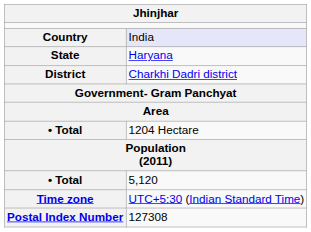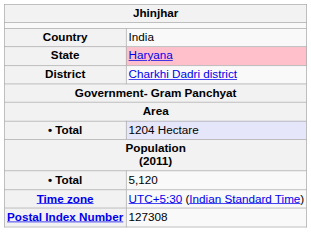 <table class="wikitable">
 <tr>
 <th colspan="2">Jhinjhar</th>
 </tr>
 <tr>
 <td colspan="2"></td>
 </tr>
 <tr>
 <th>Country</th>
-<td style="background: lavender;">India</td>
+<td>India</td>
 </tr>
 <tr>
 <th>State</th>
-<td><a href='#'>Haryana</a></td>
+<td style="background: pink;"><a href='#'>Haryana</a></td>
 </tr>
 <tr>
 <th>District</th>
 <td><a href='#'>Charkhi Dadri district</a></td>
 </tr>
 <tr>
 <th colspan="2">Government- Gram Panchyat</th>
 </tr>
 <tr>
 <th colspan="2">Area</th>
 </tr>
 <tr>
 <th>• Total</th>
-<td>1204 Hectare</td>
+<td style="background: lavender;">1204 Hectare</td>
 </tr>
 <tr>
 <th colspan="2">Population<br>(2011)</th>
 </tr>
 <tr>
 <th>• Total</th>
 <td>5,120</td>
 </tr>
 <tr>
 <th><a href='#'>Time zone</a></th>
 <td><a href='#'>UTC+5:30</a> (<a href='#'>Indian Standard Time</a>)</td>
 </tr>
 <tr>
 <th><a href='#'>Postal Index Number</a></th>
 <td>127308</td>
 </tr>
 </table>
